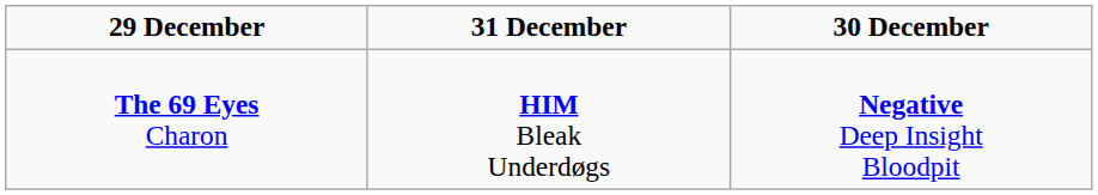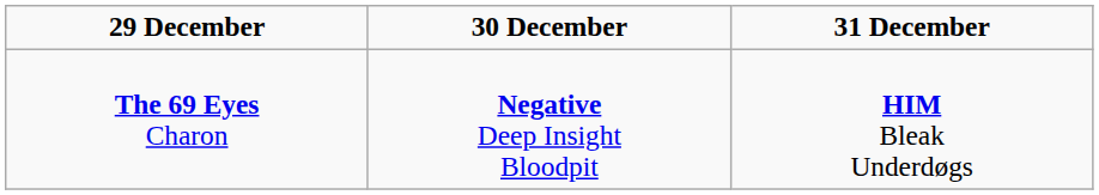 <table class="wikitable">
 <tr>
 <td colspan="1" style="text-align:center;"><strong>29 December</strong></td>
+<td colspan="1" style="text-align:center;"><strong>30 December</strong></td>
 <td colspan="1" style="text-align:center;"><strong>31 December</strong></td>
-<td colspan="1" style="text-align:center;"><strong>30 December</strong></td>
 </tr>
 <tr>
 <td style="text-align:center; vertical-align:top; width:200px;"><br><strong><a href='#'>The 69 Eyes</a></strong><br> <a href='#'>Charon</a><br></td>
+<td style="text-align:center; vertical-align:top; width:200px;"><br><strong><a href='#'>Negative</a></strong><br> <a href='#'>Deep Insight</a><br> <a href='#'>Bloodpit</a><br></td>
 <td style="text-align:center; vertical-align:top; width:200px;"><br><strong><a href='#'>HIM</a></strong><br> Bleak<br> Underdøgs<br></td>
-<td style="text-align:center; vertical-align:top; width:200px;"><br><strong><a href='#'>Negative</a></strong><br> <a href='#'>Deep Insight</a><br> <a href='#'>Bloodpit</a><br></td>
 </tr>
 </table>
